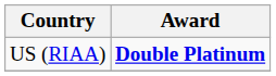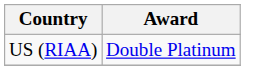 <table class="wikitable sortable style="text-align:center">
 <tr>
 <th>Country</th>
 <th>Award</th>
 </tr>
 <tr>
 <td>US (<a href='#'>RIAA</a>)</td>
-<td><strong><a href='#'>Double Platinum</a></strong></td>
+<td><a href='#'>Double Platinum</a></td>
 </tr>
 <tr>
 </tr>
 </table>
